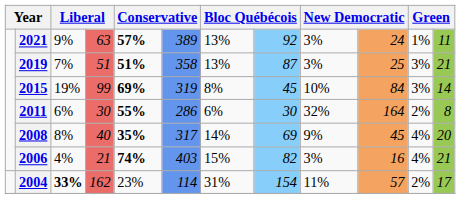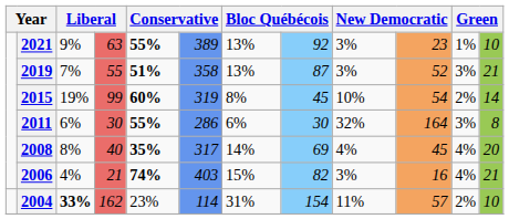 <table class="wikitable" style="float:right; width:400; font-size:90%; margin-left:1em;">
 <tr>
 <th colspan="2" scope="col">Year</th>
 <th colspan="2" scope="col"><a href='#'>Liberal</a></th>
 <th colspan="2" scope="col"><a href='#'>Conservative</a></th>
 <th colspan="2" scope="col"><a href='#'>Bloc Québécois</a></th>
 <th colspan="2" scope="col"><a href='#'>New Democratic</a></th>
 <th colspan="2" scope="col"><a href='#'>Green</a></th>
 </tr>
 <tr>
 <td rowspan="6" style="width: 0.25em; background-color: "></td>
 <th><a href='#'>2021</a></th>
 <td>9%</td>
 <td style="text-align:right; background:#EA6D6A;"><em>63</em></td>
-<td><strong>57%</strong></td>
+<td><strong>55%</strong></td>
 <td style="text-align:right; background:#6495ED;"><em>389</em></td>
 <td>13%</td>
 <td style="text-align:right; background:#87CEFA;"><em>92</em></td>
 <td>3%</td>
-<td style="text-align:right; background:#F4A460;"><em>24</em></td>
+<td style="text-align:right; background:#F4A460;"><em>23</em></td>
 <td>1%</td>
-<td style="text-align:right; background:#99C955;"><em>11</em></td>
+<td style="text-align:right; background:#99C955;"><em>10</em></td>
 </tr>
 <tr>
 <th><a href='#'>2019</a></th>
 <td>7%</td>
-<td style="text-align:right; background:#EA6D6A;"><em>51</em></td>
+<td style="text-align:right; background:#EA6D6A;"><em>55</em></td>
 <td><strong>51%</strong></td>
 <td style="text-align:right; background:#6495ED;"><em>358</em></td>
 <td>13%</td>
 <td style="text-align:right; background:#87CEFA;"><em>87</em></td>
 <td>3%</td>
-<td style="text-align:right; background:#F4A460;"><em>25</em></td>
+<td style="text-align:right; background:#F4A460;"><em>52</em></td>
 <td>3%</td>
 <td style="text-align:right; background:#99C955;"><em>21</em></td>
 </tr>
 <tr>
 <th><a href='#'>2015</a></th>
 <td>19%</td>
 <td style="text-align:right; background:#EA6D6A;"><em>99</em></td>
-<td><strong>69%</strong></td>
+<td><strong>60%</strong></td>
 <td style="text-align:right; background:#6495ED;"><em>319</em></td>
 <td>8%</td>
 <td style="text-align:right; background:#87CEFA;"><em>45</em></td>
 <td>10%</td>
-<td style="text-align:right; background:#F4A460;"><em>84</em></td>
-<td>3%</td>
+<td style="text-align:right; background:#F4A460;"><em>54</em></td>
+<td>2%</td>
 <td style="text-align:right; background:#99C955;"><em>14</em></td>
 </tr>
 <tr>
 <th><a href='#'>2011</a></th>
 <td>6%</td>
 <td style="text-align:right; background:#EA6D6A;"><em>30</em></td>
 <td><strong>55%</strong></td>
 <td style="text-align:right; background:#6495ED;"><em>286</em></td>
 <td>6%</td>
 <td style="text-align:right; background:#87CEFA;"><em>30</em></td>
 <td>32%</td>
 <td style="text-align:right; background:#F4A460;"><em>164</em></td>
-<td>2%</td>
+<td>3%</td>
 <td style="text-align:right; background:#99C955;"><em>8</em></td>
 </tr>
 <tr>
 <th><a href='#'>2008</a></th>
 <td>8%</td>
 <td style="text-align:right; background:#EA6D6A;"><em>40</em></td>
 <td><strong>35%</strong></td>
 <td style="text-align:right; background:#6495ED;"><em>317</em></td>
 <td>14%</td>
 <td style="text-align:right; background:#87CEFA;"><em>69</em></td>
-<td>9%</td>
+<td>4%</td>
 <td style="text-align:right; background:#F4A460;"><em>45</em></td>
 <td>4%</td>
 <td style="text-align:right; background:#99C955;"><em>20</em></td>
 </tr>
 <tr>
 <th><a href='#'>2006</a></th>
 <td>4%</td>
 <td style="text-align:right; background:#EA6D6A;"><em>21</em></td>
 <td><strong>74%</strong></td>
 <td style="text-align:right; background:#6495ED;"><em>403</em></td>
 <td>15%</td>
 <td style="text-align:right; background:#87CEFA;"><em>82</em></td>
 <td>3%</td>
 <td style="text-align:right; background:#F4A460;"><em>16</em></td>
 <td>4%</td>
 <td style="text-align:right; background:#99C955;"><em>21</em></td>
 </tr>
 <tr>
 <td style="width: 0.25em; background-color: "></td>
 <th><a href='#'>2004</a></th>
 <td><strong>33%</strong></td>
 <td style="text-align:right; background:#EA6D6A;"><em>162</em></td>
 <td>23%</td>
 <td style="text-align:right; background:#6495ED;"><em>114</em></td>
 <td>31%</td>
 <td style="text-align:right; background:#87CEFA;"><em>154</em></td>
 <td>11%</td>
 <td style="text-align:right; background:#F4A460;"><em>57</em></td>
 <td>2%</td>
-<td style="text-align:right; background:#99C955;"><em>17</em></td>
+<td style="text-align:right; background:#99C955;"><em>10</em></td>
 </tr>
 <tr>
 </tr>
 </table>
